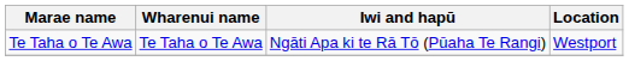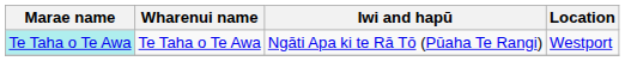 <table class="wikitable sortable">
 <tr>
 <th>Marae name</th>
 <th>Wharenui name</th>
 <th>Iwi and hapū</th>
 <th>Location</th>
 </tr>
 <tr>
-<td><a href='#'>Te Taha o Te Awa</a></td>
+<td style="background: paleturquoise;"><a href='#'>Te Taha o Te Awa</a></td>
 <td><a href='#'>Te Taha o Te Awa</a></td>
 <td><a href='#'>Ngāti Apa ki te Rā Tō</a> (<a href='#'>Pūaha Te Rangi</a>)</td>
 <td><a href='#'>Westport</a></td>
 </tr>
 <tr>
 </tr>
 </table>
